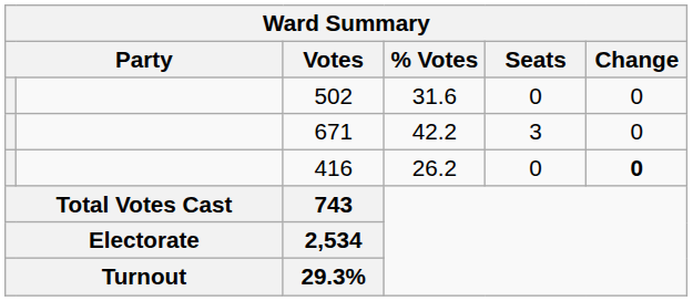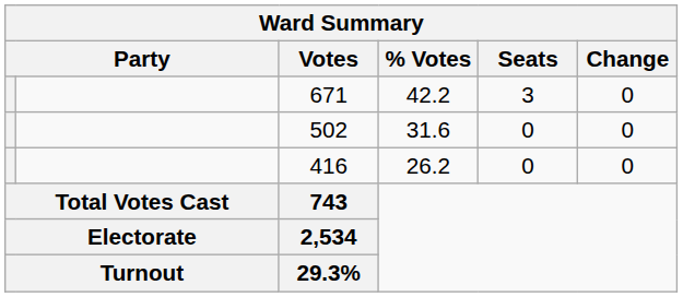 <table class="wikitable" style="font-size: 95%;">
 <tr style="background-color:#E9E9E9">
 <th colspan="6">Ward Summary</th>
 </tr>
 <tr style="background-color:#E9E9E9">
 <th colspan="2">Party</th>
 <th style="width: 60px">Votes</th>
 <th style="width: 60px">% Votes</th>
 <th style="width: 60px">Seats</th>
 <th style="width: 60px">Change</th>
 </tr>
 <tr>
 <th style="background-color: "></th>
 <td style="width: 170px"><a href='#'></a></td>
+<td align="center">671</td>
+<td align="center">42.2</td>
+<td align="center">3</td>
+<td align="center">0</td>
+</tr>
+<tr>
+<th style="background-color: "></th>
+<td style="width: 170px"><a href='#'></a></td>
 <td align="center">502</td>
 <td align="center">31.6</td>
 <td align="center">0</td>
 <td align="center">0</td>
 </tr>
 <tr>
 <th style="background-color: "></th>
 <td style="width: 170px"><a href='#'></a></td>
-<td align="center">671</td>
-<td align="center">42.2</td>
-<td align="center">3</td>
-<td align="center">0</td>
-</tr>
-<tr>
-<th style="background-color: "></th>
-<td style="width: 170px"><a href='#'></a></td>
 <td align="center">416</td>
 <td align="center">26.2</td>
 <td align="center">0</td>
-<td align="center"><strong>0</strong></td>
+<td align="center">0</td>
 </tr>
 <tr style="background-color:#E9E9E9">
 <th colspan="2">Total Votes Cast</th>
 <th style="width: 60px">743</th>
 </tr>
 <tr style="background-color:#E9E9E9">
 <th colspan="2">Electorate</th>
 <th style="width: 60px">2,534</th>
 </tr>
 <tr style="background-color:#E9E9E9">
 <th colspan="2">Turnout</th>
 <th style="width: 60px">29.3%</th>
 </tr>
 </table>
